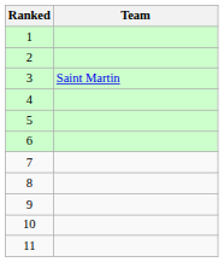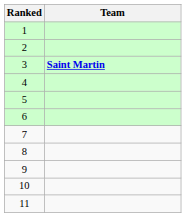 <table class="wikitable" style="text-align:center; font-size:90%">
 <tr>
 <th width=40>Ranked</th>
 <th width=180>Team</th>
 </tr>
 <tr bgcolor="ccffcc">
 <td style="text-align:center">1</td>
 <td style="text-align:left"></td>
 </tr>
 <tr bgcolor="ccffcc">
 <td style="text-align:center">2</td>
 <td style="text-align:left"></td>
 </tr>
 <tr bgcolor="ccffcc">
 <td style="text-align:center">3</td>
-<td style="text-align:left"><a href='#'>Saint Martin</a></td>
+<td style="text-align:left"><strong><a href='#'>Saint Martin</a></strong></td>
 </tr>
 <tr bgcolor="ccffcc">
 <td style="text-align:center">4</td>
 <td style="text-align:left"></td>
 </tr>
 <tr bgcolor="ccffcc">
 <td style="text-align:center">5</td>
 <td style="text-align:left"></td>
 </tr>
 <tr bgcolor="ccffcc">
 <td style="text-align:center">6</td>
 <td style="text-align:left"></td>
 </tr>
 <tr>
 <td style="text-align:center">7</td>
 <td style="text-align:left"></td>
 </tr>
 <tr>
 <td style="text-align:center">8</td>
 <td style="text-align:left"></td>
 </tr>
 <tr>
 <td style="text-align:center">9</td>
 <td style="text-align:left"></td>
 </tr>
 <tr>
 <td style="text-align:center">10</td>
 <td style="text-align:left"></td>
 </tr>
 <tr>
 <td style="text-align:center">11</td>
 <td style="text-align:left"></td>
 </tr>
 </table>
